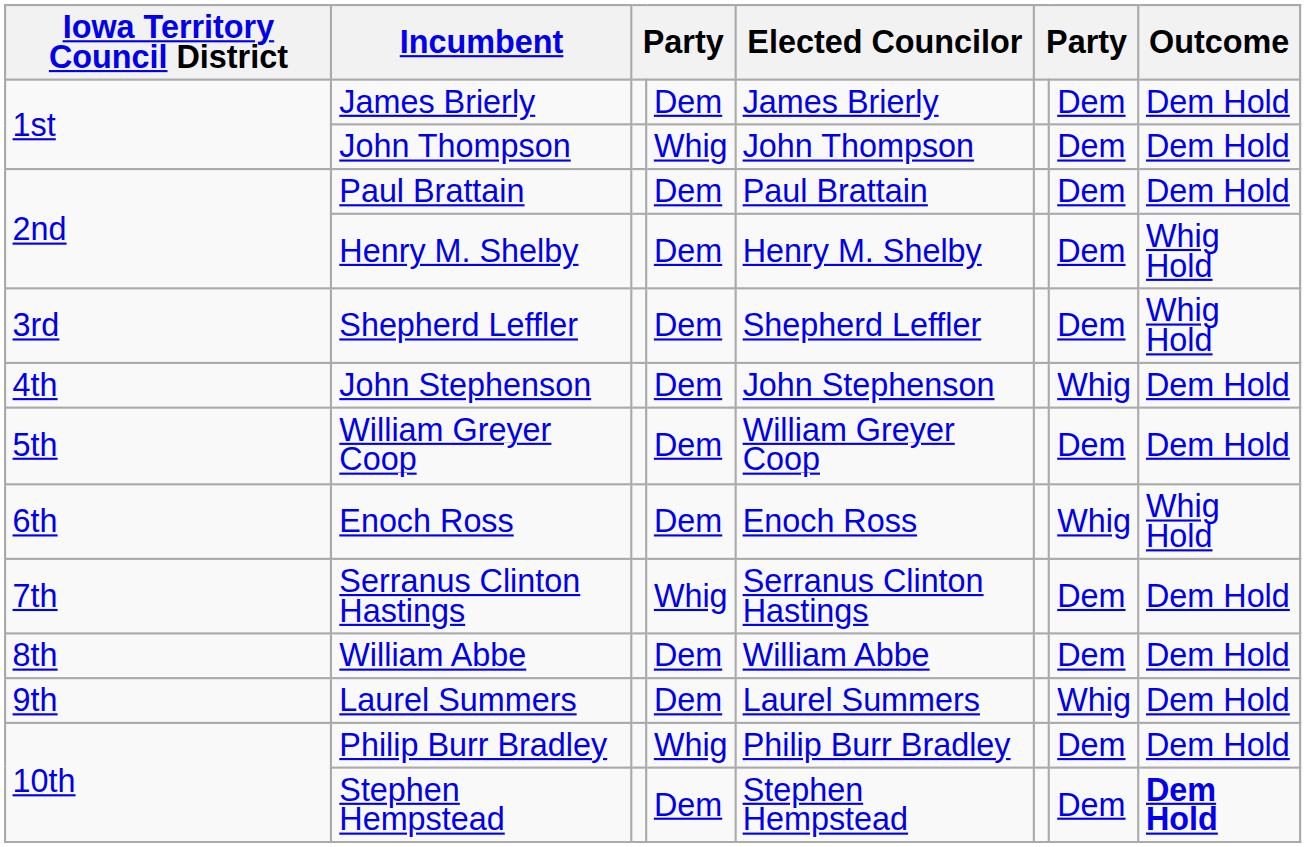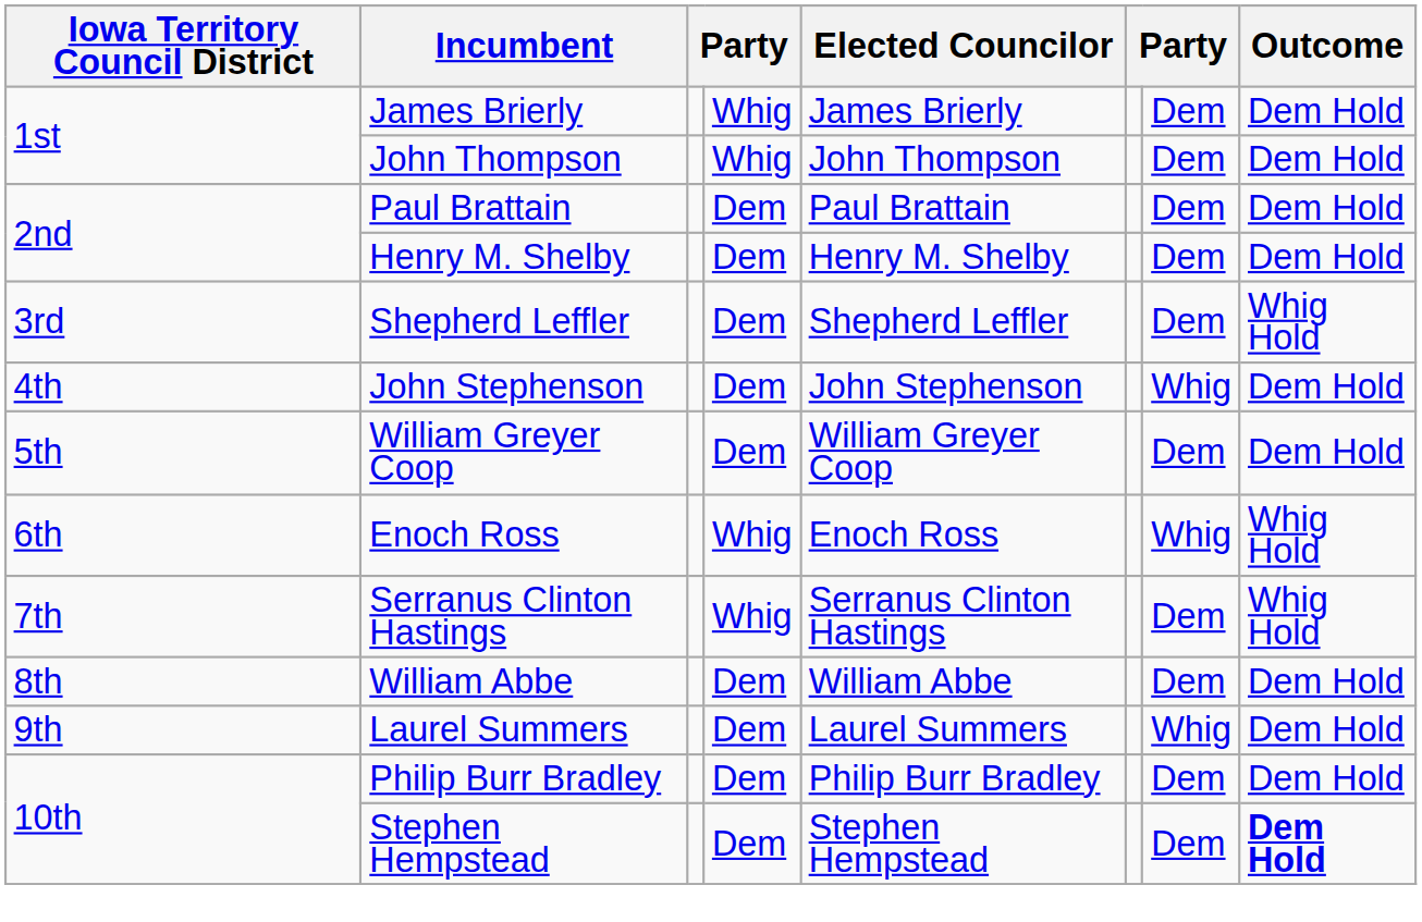 <table class="sortable wikitable" style="font-size:95%;line-height:14px;">
 <tr>
 <th class="sortable"><a href='#'>Iowa Territory Council</a> District</th>
 <th class="sortable"><a href='#'>Incumbent</a></th>
 <th colspan="2">Party</th>
 <th class="sortable">Elected Councilor</th>
 <th colspan="2">Party</th>
 <th class="sortable">Outcome</th>
 </tr>
 <tr>
 <td rowspan="2"><a href='#'>1st</a></td>
 <td><a href='#'>James Brierly</a></td>
 <td style="background:"></td>
-<td><a href='#'>Dem</a></td>
+<td><a href='#'>Whig</a></td>
 <td><a href='#'>James Brierly</a></td>
 <td style="background:"></td>
 <td><a href='#'>Dem</a></td>
 <td><a href='#'>Dem Hold</a></td>
 </tr>
 <tr>
 <td><a href='#'>John Thompson</a></td>
 <td style="background:"></td>
 <td><a href='#'>Whig</a></td>
 <td><a href='#'>John Thompson</a></td>
 <td style="background:"></td>
 <td><a href='#'>Dem</a></td>
 <td><a href='#'>Dem Hold</a></td>
 </tr>
 <tr>
 <td rowspan="2"><a href='#'>2nd</a></td>
 <td><a href='#'>Paul Brattain</a></td>
 <td style="background:"></td>
 <td><a href='#'>Dem</a></td>
 <td><a href='#'>Paul Brattain</a></td>
 <td style="background:"></td>
 <td><a href='#'>Dem</a></td>
 <td><a href='#'>Dem Hold</a></td>
 </tr>
 <tr>
 <td><a href='#'>Henry M. Shelby</a></td>
 <td style="background:"></td>
 <td><a href='#'>Dem</a></td>
 <td><a href='#'>Henry M. Shelby</a></td>
 <td style="background:"></td>
 <td><a href='#'>Dem</a></td>
-<td><a href='#'>Whig Hold</a></td>
+<td><a href='#'>Dem Hold</a></td>
 </tr>
 <tr>
 <td><a href='#'>3rd</a></td>
 <td><a href='#'>Shepherd Leffler</a></td>
 <td style="background:"></td>
 <td><a href='#'>Dem</a></td>
 <td><a href='#'>Shepherd Leffler</a></td>
 <td style="background:"></td>
 <td><a href='#'>Dem</a></td>
 <td><a href='#'>Whig Hold</a></td>
 </tr>
 <tr>
 <td><a href='#'>4th</a></td>
 <td><a href='#'>John Stephenson</a></td>
 <td style="background:"></td>
 <td><a href='#'>Dem</a></td>
 <td><a href='#'>John Stephenson</a></td>
 <td style="background:"></td>
 <td><a href='#'>Whig</a></td>
 <td><a href='#'>Dem Hold</a></td>
 </tr>
 <tr>
 <td><a href='#'>5th</a></td>
 <td><a href='#'>William Greyer Coop</a></td>
 <td style="background:"></td>
 <td><a href='#'>Dem</a></td>
 <td><a href='#'>William Greyer Coop</a></td>
 <td style="background:"></td>
 <td><a href='#'>Dem</a></td>
 <td><a href='#'>Dem Hold</a></td>
 </tr>
 <tr>
 <td><a href='#'>6th</a></td>
 <td><a href='#'>Enoch Ross</a></td>
 <td style="background:"></td>
-<td><a href='#'>Dem</a></td>
+<td><a href='#'>Whig</a></td>
 <td><a href='#'>Enoch Ross</a></td>
 <td style="background:"></td>
 <td><a href='#'>Whig</a></td>
 <td><a href='#'>Whig Hold</a></td>
 </tr>
 <tr>
 <td><a href='#'>7th</a></td>
 <td><a href='#'>Serranus Clinton Hastings</a></td>
 <td style="background:"></td>
 <td><a href='#'>Whig</a></td>
 <td><a href='#'>Serranus Clinton Hastings</a></td>
 <td style="background:"></td>
 <td><a href='#'>Dem</a></td>
-<td><a href='#'>Dem Hold</a></td>
+<td><a href='#'>Whig Hold</a></td>
 </tr>
 <tr>
 <td><a href='#'>8th</a></td>
 <td><a href='#'>William Abbe</a></td>
 <td style="background:"></td>
 <td><a href='#'>Dem</a></td>
 <td><a href='#'>William Abbe</a></td>
 <td style="background:"></td>
 <td><a href='#'>Dem</a></td>
 <td><a href='#'>Dem Hold</a></td>
 </tr>
 <tr>
 <td><a href='#'>9th</a></td>
 <td><a href='#'>Laurel Summers</a></td>
 <td style="background:"></td>
 <td><a href='#'>Dem</a></td>
 <td><a href='#'>Laurel Summers</a></td>
 <td style="background:"></td>
 <td><a href='#'>Whig</a></td>
 <td><a href='#'>Dem Hold</a></td>
 </tr>
 <tr>
 <td rowspan="2"><a href='#'>10th</a></td>
 <td><a href='#'>Philip Burr Bradley</a></td>
 <td style="background:"></td>
-<td><a href='#'>Whig</a></td>
+<td><a href='#'>Dem</a></td>
 <td><a href='#'>Philip Burr Bradley</a></td>
 <td style="background:"></td>
 <td><a href='#'>Dem</a></td>
 <td><a href='#'>Dem Hold</a></td>
 </tr>
 <tr>
 <td><a href='#'>Stephen Hempstead</a></td>
 <td style="background:"></td>
 <td><a href='#'>Dem</a></td>
 <td><a href='#'>Stephen Hempstead</a></td>
 <td style="background:"></td>
 <td><a href='#'>Dem</a></td>
 <td><strong><a href='#'>Dem Hold</a></strong></td>
 </tr>
 <tr>
 </tr>
 </table>
